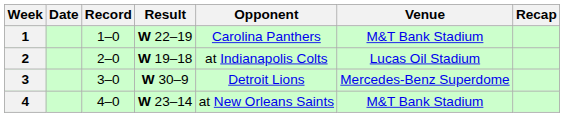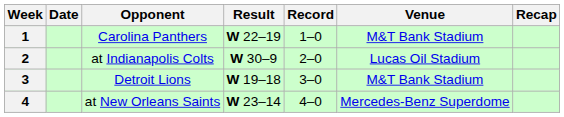 <table class="wikitable" style="text-align:center">
 <tr>
 <th>Week</th>
 <th>Date</th>
+<th>Opponent</th>
+<th>Result</th>
 <th>Record</th>
-<th>Result</th>
-<th>Opponent</th>
 <th>Venue</th>
 <th>Recap</th>
 </tr>
 <tr style="background:#cfc">
 <th>1</th>
 <td></td>
+<td><a href='#'>Carolina Panthers</a></td>
+<td><strong>W</strong> 22–19</td>
 <td>1–0</td>
-<td><strong>W</strong> 22–19</td>
-<td><a href='#'>Carolina Panthers</a></td>
 <td><a href='#'>M&T Bank Stadium</a></td>
 <td></td>
 </tr>
 <tr style="background:#cfc">
 <th>2</th>
 <td></td>
+<td>at <a href='#'>Indianapolis Colts</a></td>
+<td><strong>W</strong> 30–9</td>
 <td>2–0</td>
-<td><strong>W</strong> 19–18</td>
-<td>at <a href='#'>Indianapolis Colts</a></td>
 <td><a href='#'>Lucas Oil Stadium</a></td>
 <td></td>
 </tr>
 <tr style="background:#cfc">
 <th>3</th>
 <td></td>
+<td><a href='#'>Detroit Lions</a></td>
+<td><strong>W</strong> 19–18</td>
 <td>3–0</td>
-<td><strong>W</strong> 30–9</td>
-<td><a href='#'>Detroit Lions</a></td>
-<td><a href='#'>Mercedes-Benz Superdome</a></td>
+<td><a href='#'>M&T Bank Stadium</a></td>
 <td></td>
 </tr>
 <tr style="background:#cfc">
 <th>4</th>
 <td></td>
+<td>at <a href='#'>New Orleans Saints</a></td>
+<td><strong>W</strong> 23–14</td>
 <td>4–0</td>
-<td><strong>W</strong> 23–14</td>
-<td>at <a href='#'>New Orleans Saints</a></td>
-<td><a href='#'>M&T Bank Stadium</a></td>
+<td><a href='#'>Mercedes-Benz Superdome</a></td>
 <td></td>
 </tr>
 </table>
